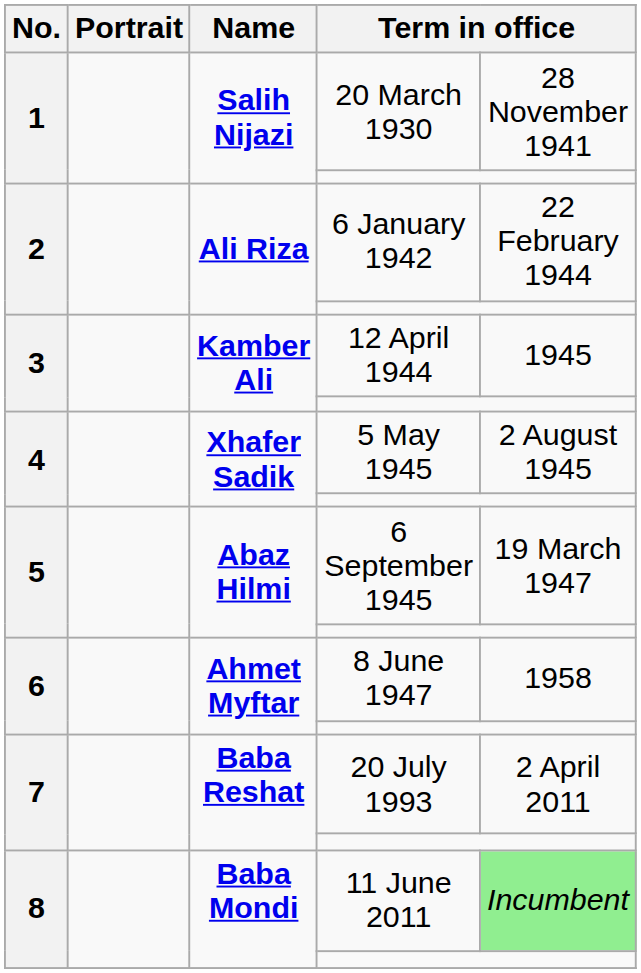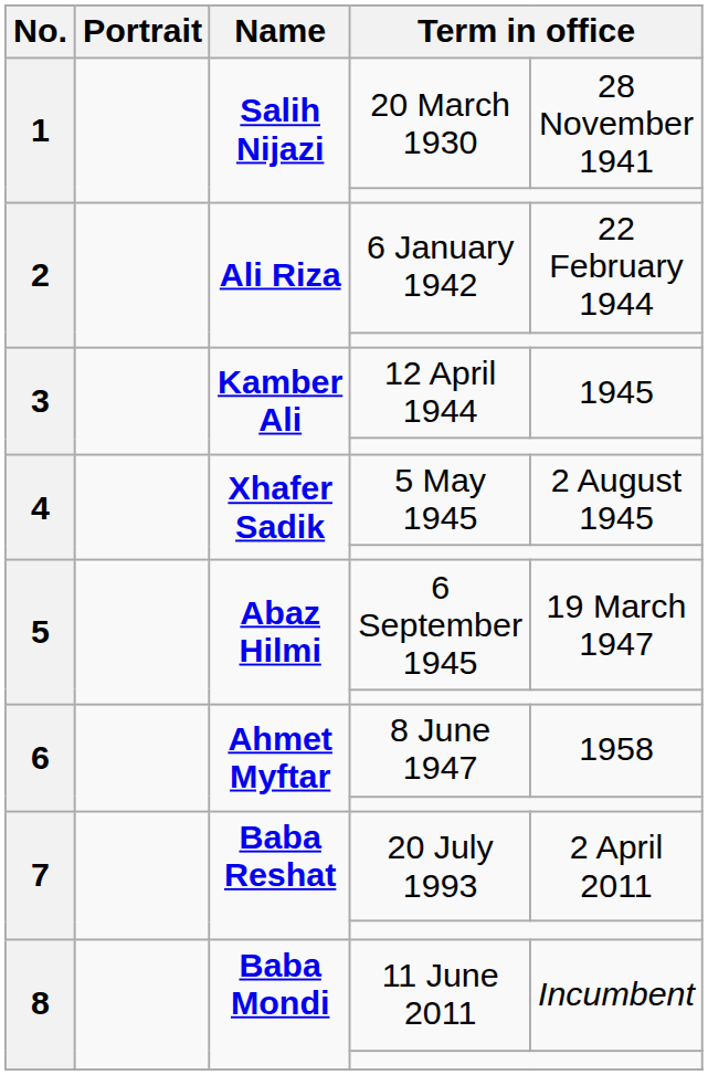 <table class="wikitable" style="text-align:center;"  width="50%">
 <tr>
 <th>No.</th>
 <th>Portrait</th>
 <th>Name</th>
 <th colspan=2>Term in office</th>
 </tr>
 <tr>
 <th rowspan="2">1</th>
 <td rowspan=2></td>
 <td rowspan=2><strong><a href='#'>Salih Nijazi</a></strong><br></td>
 <td>20 March 1930</td>
 <td>28 November 1941</td>
 </tr>
 <tr>
 <td colspan="2"><em></em></td>
 </tr>
 <tr>
 <th rowspan="2">2</th>
 <td rowspan=2></td>
 <td rowspan=2><strong><a href='#'>Ali Riza</a></strong><br></td>
 <td>6 January 1942</td>
 <td>22 February 1944</td>
 </tr>
 <tr>
 <td colspan="2"><em></em></td>
 </tr>
 <tr>
 <th rowspan="2">3</th>
 <td rowspan=2></td>
 <td rowspan=2><strong><a href='#'>Kamber Ali</a></strong><br></td>
 <td>12 April 1944</td>
 <td>1945</td>
 </tr>
 <tr>
 <td colspan="2"><em></em></td>
 </tr>
 <tr>
 <th rowspan="2">4</th>
 <td rowspan=2></td>
 <td rowspan=2><strong><a href='#'>Xhafer Sadik</a></strong><br></td>
 <td>5 May 1945</td>
 <td>2 August 1945</td>
 </tr>
 <tr>
 <td colspan="2"><em></em></td>
 </tr>
 <tr>
 <th rowspan="2">5</th>
 <td rowspan="2"></td>
 <td rowspan="2"><strong><a href='#'>Abaz Hilmi</a></strong><br></td>
 <td>6 September 1945</td>
 <td>19 March 1947</td>
 </tr>
 <tr>
 <td colspan="2"><em></em></td>
 </tr>
 <tr>
 <th rowspan="2">6</th>
 <td rowspan="2"></td>
 <td rowspan="2"><strong><a href='#'>Ahmet Myftar</a></strong><br></td>
 <td>8 June 1947</td>
 <td>1958</td>
 </tr>
 <tr>
 <td colspan="2"><em></em></td>
 </tr>
 <tr>
 <th rowspan="2">7</th>
 <td rowspan="2"></td>
 <td rowspan="2"><strong><a href='#'>Baba Reshat</a></strong><br><br></td>
 <td>20 July 1993</td>
 <td>2 April 2011</td>
 </tr>
 <tr>
 <td colspan="2"><em></em></td>
 </tr>
 <tr>
 <th rowspan="2">8</th>
 <td rowspan="2"></td>
 <td rowspan="2"><strong><a href='#'>Baba Mondi</a></strong><br><br></td>
 <td>11 June 2011</td>
-<td style="background: lightgreen;"><em>Incumbent</em></td>
+<td><em>Incumbent</em></td>
 </tr>
 <tr>
 <td colspan="2"><em></em></td>
 </tr>
 <tr>
 </tr>
 </table>
